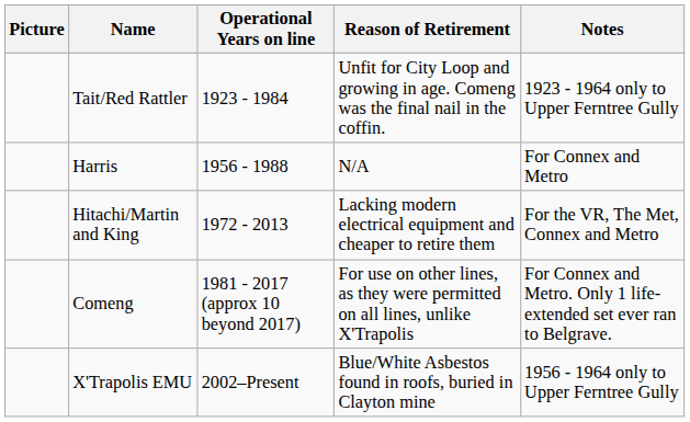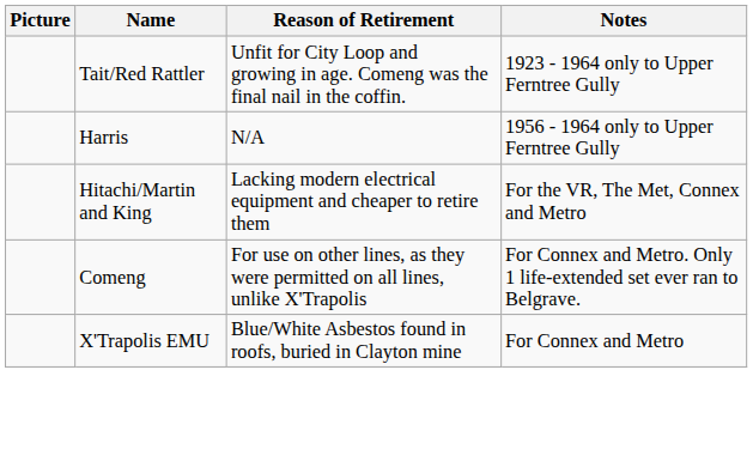 <table class="wikitable mw-collapsible">
 <tr>
 <th>Picture</th>
 <th>Name</th>
-<th>Operational Years on line</th>
 <th>Reason of Retirement</th>
 <th>Notes</th>
 </tr>
 <tr>
 <td></td>
 <td>Tait/Red Rattler</td>
-<td>1923 - 1984</td>
 <td>Unfit for City Loop and<br>growing in age. Comeng was the final nail in the coffin.</td>
 <td>1923 - 1964 only to Upper Ferntree Gully</td>
 </tr>
 <tr>
 <td></td>
 <td>Harris</td>
-<td>1956 - 1988</td>
 <td>N/A</td>
-<td>For Connex and Metro</td>
+<td>1956 - 1964 only to Upper Ferntree Gully</td>
 </tr>
 <tr>
 <td></td>
 <td>Hitachi/Martin and King</td>
-<td>1972 - 2013</td>
 <td>Lacking modern electrical equipment and cheaper to retire them</td>
 <td>For the VR, The Met, Connex and Metro</td>
 </tr>
 <tr>
 <td></td>
 <td>Comeng</td>
-<td>1981 - 2017 (approx 10 beyond 2017)</td>
 <td>For use on other lines, as they were permitted on all lines, unlike X'Trapolis</td>
 <td>For Connex and Metro. Only 1 life-extended set ever ran to Belgrave.</td>
 </tr>
 <tr>
 <td></td>
 <td>X'Trapolis EMU</td>
-<td>2002–Present</td>
 <td>Blue/White Asbestos found in roofs, buried in Clayton mine</td>
-<td>1956 - 1964 only to Upper Ferntree Gully</td>
+<td>For Connex and Metro</td>
 </tr>
 </table>
